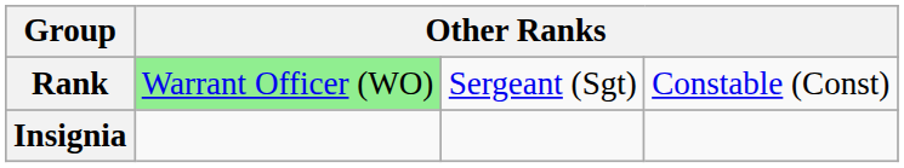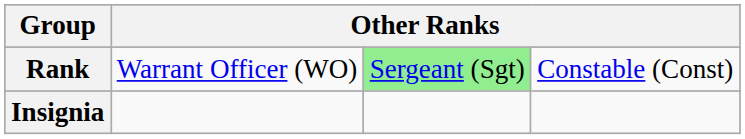 <table class="wikitable" style="text-align:center">
 <tr>
 <th>Group</th>
 <th colspan="4">Other Ranks</th>
 </tr>
 <tr>
 <th>Rank</th>
-<td style="background: lightgreen;"><a href='#'>Warrant Officer</a> (WO)</td>
-<td><a href='#'>Sergeant</a> (Sgt)</td>
+<td><a href='#'>Warrant Officer</a> (WO)</td>
+<td style="background: lightgreen;"><a href='#'>Sergeant</a> (Sgt)</td>
 <td><a href='#'>Constable</a> (Const)</td>
 </tr>
 <tr>
 <th>Insignia</th>
 <td></td>
 <td></td>
 <td></td>
 </tr>
 </table>
